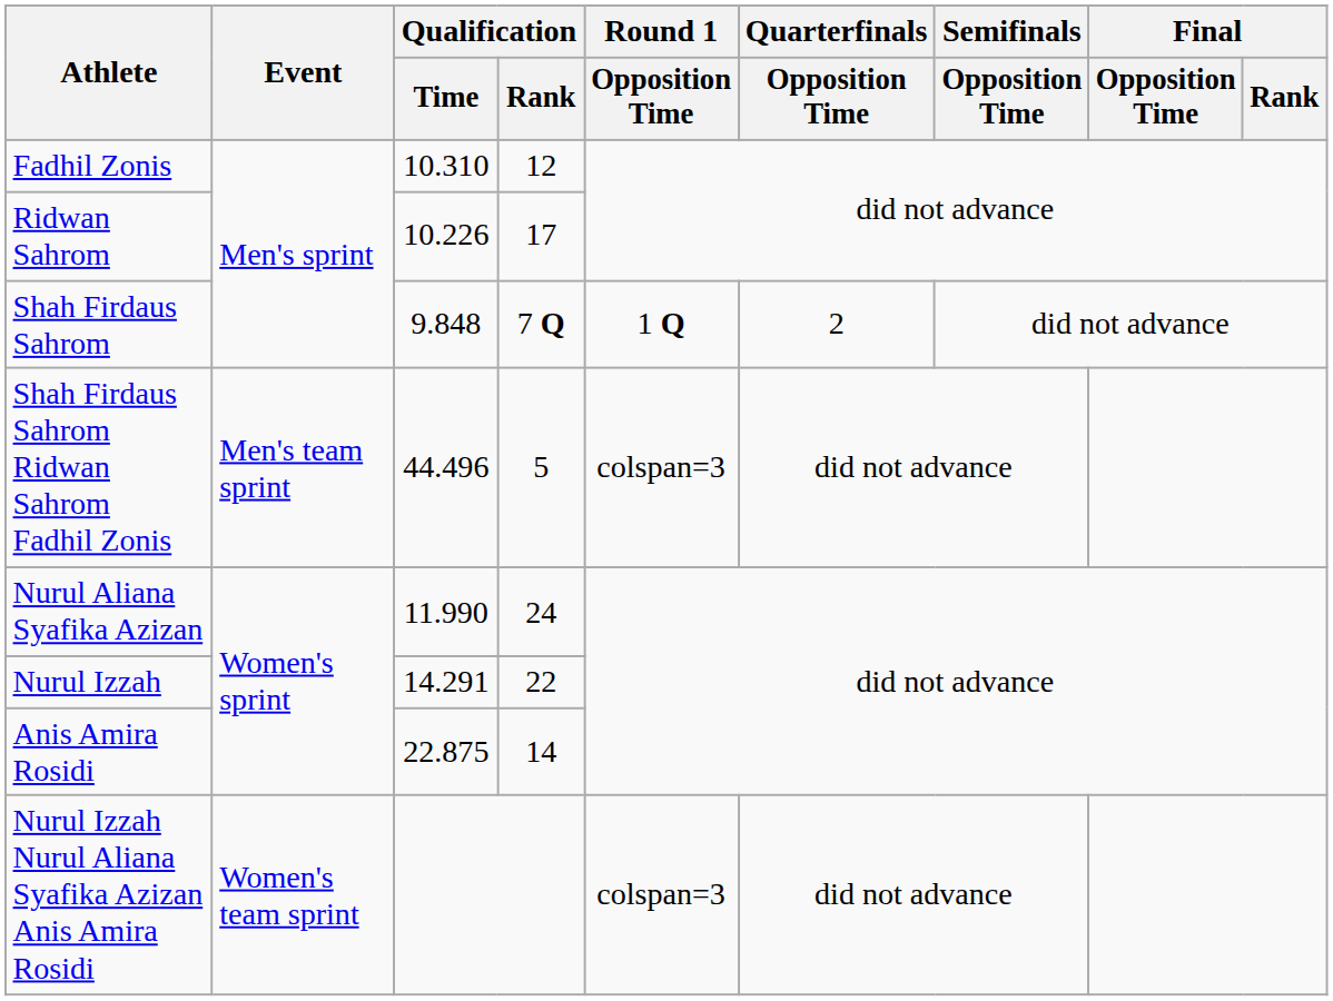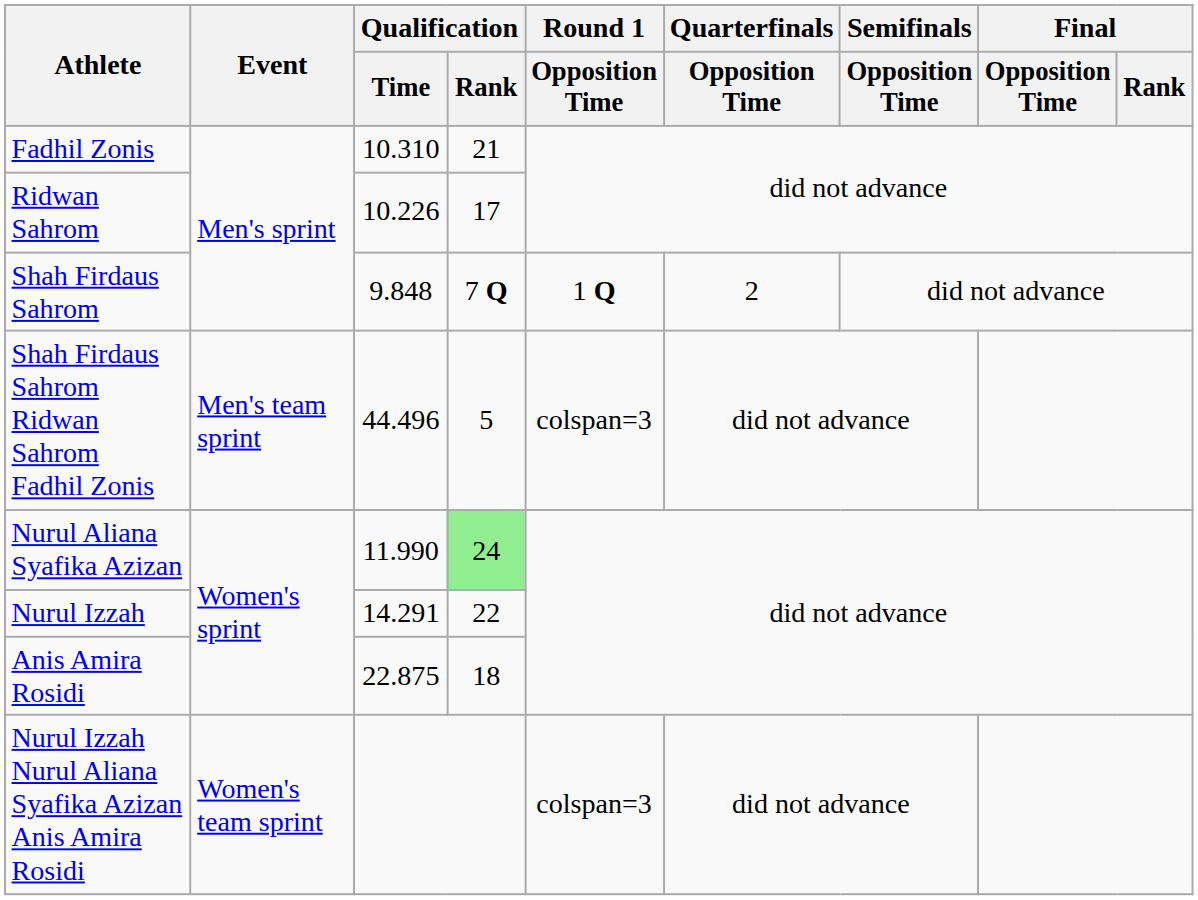 <table class="wikitable" style="font-size:90%;">
 <tr>
 <th rowspan=2>Athlete</th>
 <th rowspan=2>Event</th>
 <th colspan=2>Qualification</th>
 <th>Round 1</th>
 <th>Quarterfinals</th>
 <th>Semifinals</th>
 <th colspan=2>Final</th>
 </tr>
 <tr style="font-size:95%">
 <th>Time</th>
 <th>Rank</th>
 <th>Opposition<br>Time</th>
 <th>Opposition<br>Time</th>
 <th>Opposition<br>Time</th>
 <th>Opposition<br>Time</th>
 <th>Rank</th>
 </tr>
 <tr style="text-align:center">
 <td style="text-align:left"><a href='#'>Fadhil Zonis</a></td>
 <td style="text-align:left" rowspan=3><a href='#'>Men's sprint</a></td>
 <td>10.310</td>
-<td>12</td>
+<td>21</td>
 <td colspan=5 rowspan=2>did not advance</td>
 </tr>
 <tr style="text-align:center">
 <td style="text-align:left"><a href='#'>Ridwan Sahrom</a></td>
 <td>10.226</td>
 <td>17</td>
 </tr>
 <tr style="text-align:center">
 <td style="text-align:left"><a href='#'>Shah Firdaus Sahrom</a></td>
 <td>9.848</td>
 <td>7 <strong>Q</strong></td>
 <td>1 <strong>Q</strong></td>
 <td>2</td>
 <td colspan=3>did not advance</td>
 </tr>
 <tr style="text-align:center">
 <td style="text-align:left"><a href='#'>Shah Firdaus Sahrom</a><br><a href='#'>Ridwan Sahrom</a><br><a href='#'>Fadhil Zonis</a></td>
 <td style="text-align:left"><a href='#'>Men's team sprint</a></td>
 <td>44.496</td>
 <td>5</td>
 <td>colspan=3 </td>
 <td colspan=2>did not advance</td>
 </tr>
 <tr style="text-align:center">
 <td style="text-align:left"><a href='#'>Nurul Aliana Syafika Azizan</a></td>
 <td style="text-align:left" rowspan=3><a href='#'>Women's sprint</a></td>
 <td>11.990</td>
-<td>24</td>
+<td style="background: lightgreen;">24</td>
 <td colspan=5 rowspan=3>did not advance</td>
 </tr>
 <tr style="text-align:center">
 <td style="text-align:left"><a href='#'>Nurul Izzah</a></td>
 <td>14.291</td>
 <td>22</td>
 </tr>
 <tr style="text-align:center">
 <td style="text-align:left"><a href='#'>Anis Amira Rosidi</a></td>
 <td>22.875</td>
-<td>14</td>
+<td>18</td>
 </tr>
 <tr style="text-align:center">
 <td style="text-align:left"><a href='#'>Nurul Izzah</a><br><a href='#'>Nurul Aliana Syafika Azizan</a><br><a href='#'>Anis Amira Rosidi</a></td>
 <td style="text-align:left"><a href='#'>Women's team sprint</a></td>
 <td colspan=2></td>
 <td>colspan=3 </td>
 <td colspan=2>did not advance</td>
 </tr>
 </table>
